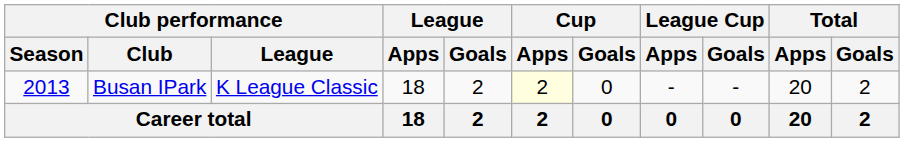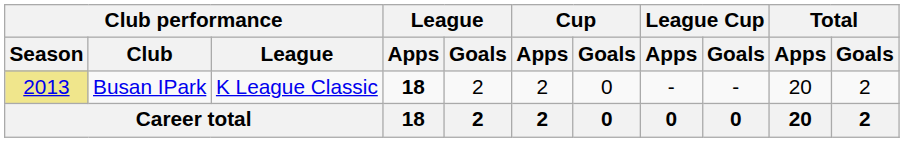 <table class="wikitable" style="text-align:center">
 <tr>
 <th colspan=3>Club performance</th>
 <th colspan=2>League</th>
 <th colspan=2>Cup</th>
 <th colspan=2>League Cup</th>
 <th colspan=2>Total</th>
 </tr>
 <tr>
 <th>Season</th>
 <th>Club</th>
 <th>League</th>
 <th>Apps</th>
 <th>Goals</th>
 <th>Apps</th>
 <th>Goals</th>
 <th>Apps</th>
 <th>Goals</th>
 <th>Apps</th>
 <th>Goals</th>
 </tr>
 <tr>
-<td><a href='#'>2013</a></td>
+<td style="background: khaki;"><a href='#'>2013</a></td>
 <td rowspan=1><a href='#'>Busan IPark</a></td>
 <td rowspan=1><a href='#'>K League Classic</a></td>
-<td>18</td>
+<td><strong>18</strong></td>
 <td>2</td>
-<td style="background: lightyellow;">2</td>
+<td>2</td>
 <td>0</td>
 <td>-</td>
 <td>-</td>
 <td>20</td>
 <td>2</td>
 </tr>
 <tr>
 <th colspan=3>Career total</th>
 <th>18</th>
 <th>2</th>
 <th>2</th>
 <th>0</th>
 <th>0</th>
 <th>0</th>
 <th>20</th>
 <th>2</th>
 </tr>
 </table>
